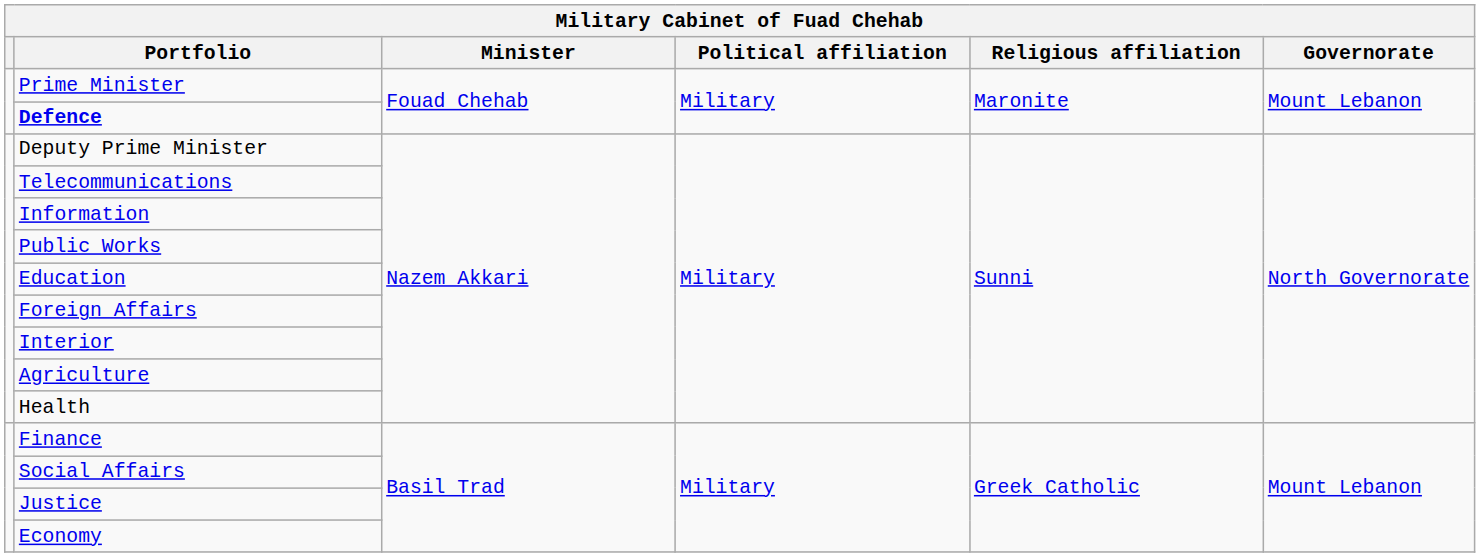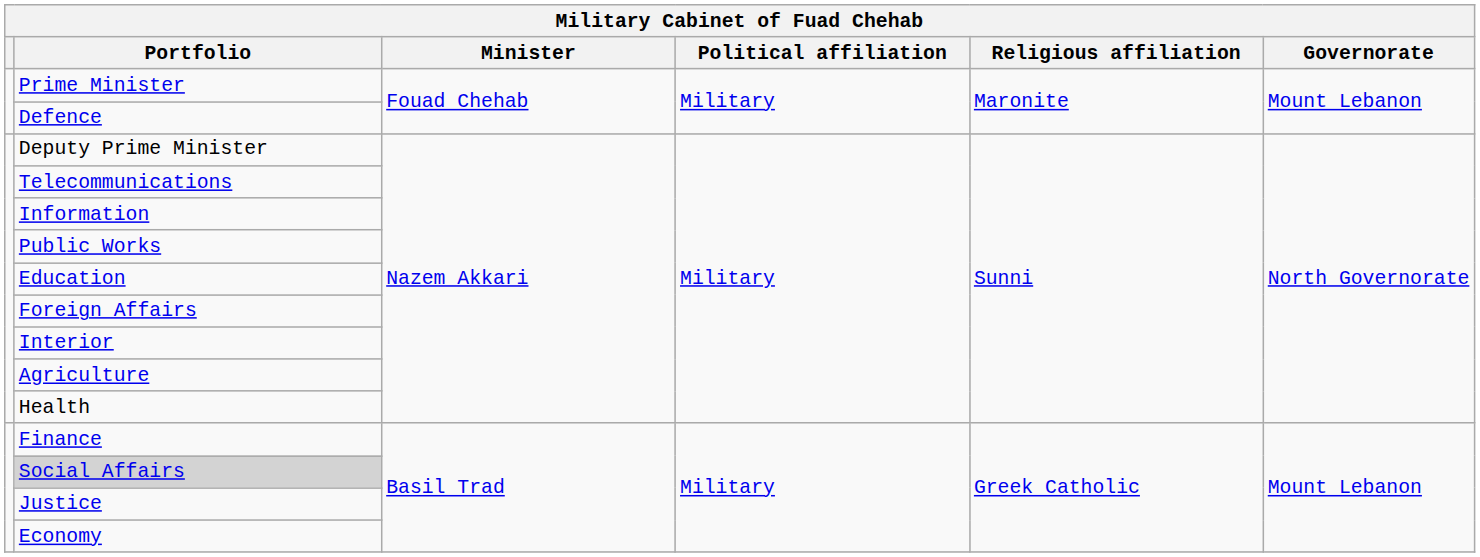 <table class="wikitable sortable">
 <tr>
 <th colspan="6">Military Cabinet of Fuad Chehab</th>
 </tr>
 <tr>
 <th></th>
 <th width="25%">Portfolio</th>
 <th width="20%">Minister</th>
 <th width="20%">Political affiliation</th>
 <th width="20%">Religious affiliation</th>
 <th>Governorate</th>
 </tr>
 <tr>
 <td rowspan="2"></td>
 <td><a href='#'>Prime Minister</a></td>
 <td rowspan="2"><a href='#'>Fouad Chehab</a></td>
 <td rowspan="2"> <a href='#'>Military</a></td>
 <td rowspan="2"><a href='#'>Maronite</a></td>
 <td rowspan="2"><a href='#'>Mount Lebanon</a></td>
 </tr>
 <tr>
-<td><strong><a href='#'>Defence</a></strong></td>
+<td><a href='#'>Defence</a></td>
 </tr>
 <tr>
 <td rowspan="9"></td>
 <td>Deputy Prime Minister</td>
 <td rowspan="9"><a href='#'>Nazem Akkari</a></td>
 <td rowspan="9"> <a href='#'>Military</a></td>
 <td rowspan="9"><a href='#'>Sunni</a></td>
 <td rowspan="9"><a href='#'>North Governorate</a></td>
 </tr>
 <tr>
 <td><a href='#'>Telecommunications</a></td>
 </tr>
 <tr>
 <td><a href='#'>Information</a></td>
 </tr>
 <tr>
 <td><a href='#'>Public Works</a></td>
 </tr>
 <tr>
 <td><a href='#'>Education</a></td>
 </tr>
 <tr>
 <td><a href='#'>Foreign Affairs</a></td>
 </tr>
 <tr>
 <td><a href='#'>Interior</a></td>
 </tr>
 <tr>
 <td><a href='#'>Agriculture</a></td>
 </tr>
 <tr>
 <td>Health</td>
 </tr>
 <tr>
 <td rowspan="4"></td>
 <td><a href='#'>Finance</a></td>
 <td rowspan="4"><a href='#'>Basil Trad</a></td>
 <td rowspan="4"> <a href='#'>Military</a></td>
 <td rowspan="4"><a href='#'>Greek Catholic</a></td>
 <td rowspan="4"><a href='#'>Mount Lebanon</a></td>
 </tr>
 <tr>
-<td><a href='#'>Social Affairs</a></td>
+<td style="background: lightgrey;"><a href='#'>Social Affairs</a></td>
 </tr>
 <tr>
 <td><a href='#'>Justice</a></td>
 </tr>
 <tr>
 <td><a href='#'>Economy</a></td>
 </tr>
 </table>
